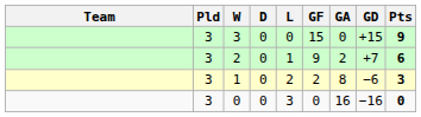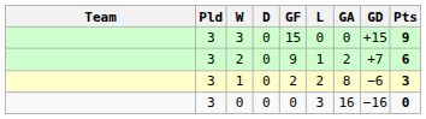 <table class="wikitable" style="text-align:center;">
 <tr>
 <th width=180>Team</th>
 <th width=20>Pld</th>
 <th width=20>W</th>
 <th width=20>D</th>
+<th width=20>GF</th>
 <th width=20>L</th>
-<th width=20>GF</th>
 <th width=20>GA</th>
 <th width=20>GD</th>
 <th width=20>Pts</th>
 </tr>
 <tr bgcolor="ccffcc">
 <td align="left"></td>
 <td>3</td>
 <td>3</td>
 <td>0</td>
+<td>15</td>
 <td>0</td>
-<td>15</td>
 <td>0</td>
 <td>+15</td>
 <td><strong>9</strong></td>
 </tr>
 <tr bgcolor="ccffcc">
 <td align="left"></td>
 <td>3</td>
 <td>2</td>
 <td>0</td>
+<td>9</td>
 <td>1</td>
-<td>9</td>
 <td>2</td>
 <td>+7</td>
 <td><strong>6</strong></td>
 </tr>
 <tr bgcolor="ffffcc">
 <td align="left"><em></em></td>
 <td>3</td>
 <td>1</td>
 <td>0</td>
 <td>2</td>
 <td>2</td>
 <td>8</td>
 <td>−6</td>
 <td><strong>3</strong></td>
 </tr>
 <tr>
 <td align="left"></td>
 <td>3</td>
 <td>0</td>
 <td>0</td>
+<td>0</td>
 <td>3</td>
-<td>0</td>
 <td>16</td>
 <td>−16</td>
 <td><strong>0</strong></td>
 </tr>
 </table>
